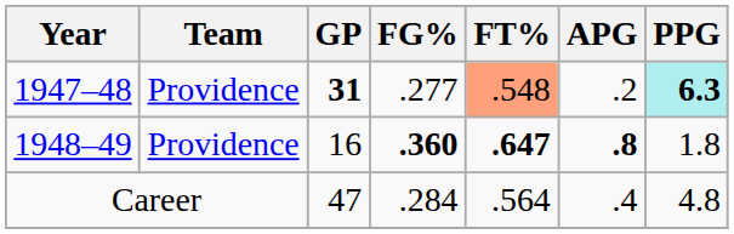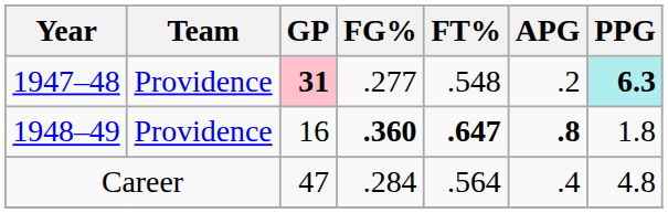 <table class="wikitable sortable" style="font-size:95%; text-align:right;">
 <tr>
 <th>Year</th>
 <th>Team</th>
 <th>GP</th>
 <th>FG%</th>
 <th>FT%</th>
 <th>APG</th>
 <th>PPG</th>
 </tr>
 <tr>
 <td style="text-align:left;"><a href='#'>1947–48</a></td>
 <td style="text-align:left;"><a href='#'>Providence</a></td>
-<td><strong>31</strong></td>
+<td style="background: pink;"><strong>31</strong></td>
 <td>.277</td>
-<td style="background: lightsalmon;">.548</td>
+<td>.548</td>
 <td>.2</td>
 <td style="background: paleturquoise;"><strong>6.3</strong></td>
 </tr>
 <tr>
 <td style="text-align:left;"><a href='#'>1948–49</a></td>
 <td style="text-align:left;"><a href='#'>Providence</a></td>
 <td>16</td>
 <td><strong>.360</strong></td>
 <td><strong>.647</strong></td>
 <td><strong>.8</strong></td>
 <td>1.8</td>
 </tr>
 <tr>
 <td style="text-align:center;" colspan="2">Career</td>
 <td>47</td>
 <td>.284</td>
 <td>.564</td>
 <td>.4</td>
 <td>4.8</td>
 </tr>
 <tr>
 </tr>
 </table>
